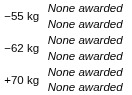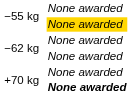 <table>
 <tr>
 <td rowspan=2>−55 kg</td>
 <td rowspan=2></td>
 <td rowspan=2></td>
 <td><em>None awarded</em></td>
 </tr>
 <tr>
-<td><em>None awarded</em></td>
+<td style="background: gold;"><em>None awarded</em></td>
 </tr>
 <tr>
 <td rowspan=2>−62 kg</td>
 <td rowspan=2></td>
 <td rowspan=2></td>
 <td><em>None awarded</em></td>
 </tr>
 <tr>
 <td><em>None awarded</em></td>
 </tr>
 <tr>
 <td rowspan=2>+70 kg</td>
 <td rowspan=2></td>
 <td rowspan=2></td>
 <td><em>None awarded</em></td>
 </tr>
 <tr>
-<td><em>None awarded</em></td>
+<td><strong><em>None awarded</em></strong></td>
 </tr>
 </table>
